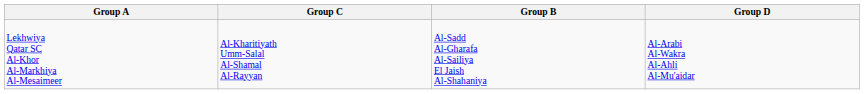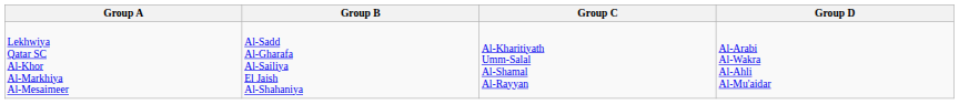 <table class="wikitable" width=90%>
 <tr>
 <th width=20%>Group A</th>
+<th width=20%>Group B</th>
 <th width=20%>Group C</th>
-<th width=20%>Group B</th>
 <th width=20%>Group D</th>
 </tr>
 <tr>
 <td><br><a href='#'>Lekhwiya</a> <br> <a href='#'>Qatar SC</a> <br> <a href='#'>Al-Khor</a> <br> <a href='#'>Al-Markhiya</a> <br> <a href='#'>Al-Mesaimeer</a></td>
+<td><br><a href='#'>Al-Sadd</a> <br> <a href='#'>Al-Gharafa</a> <br> <a href='#'>Al-Sailiya</a> <br> <a href='#'>El Jaish</a> <br> <a href='#'>Al-Shahaniya</a></td>
 <td><br><a href='#'>Al-Kharitiyath</a> <br> <a href='#'>Umm-Salal</a> <br> <a href='#'>Al-Shamal</a> <br> <a href='#'>Al-Rayyan</a></td>
-<td><br><a href='#'>Al-Sadd</a> <br> <a href='#'>Al-Gharafa</a> <br> <a href='#'>Al-Sailiya</a> <br> <a href='#'>El Jaish</a> <br> <a href='#'>Al-Shahaniya</a></td>
 <td><br><a href='#'>Al-Arabi</a> <br> <a href='#'>Al-Wakra</a> <br> <a href='#'>Al-Ahli</a> <br> <a href='#'>Al-Mu'aidar</a> <br></td>
 </tr>
 </table>
